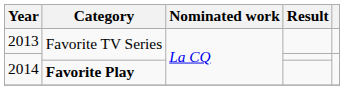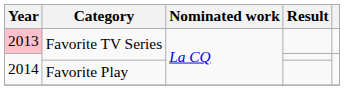 <table class="wikitable plainrowheaders">
 <tr>
 <th scope="col">Year</th>
 <th scope="col">Category</th>
 <th scope="col">Nominated work</th>
 <th scope="col">Result</th>
 <th scope="col" class="unsortable"></th>
 </tr>
 <tr>
-<td>2013</td>
+<td style="background: pink;">2013</td>
 <td rowspan=2>Favorite TV Series</td>
 <td rowspan=3><em><a href='#'>La CQ</a></em></td>
 <td></td>
 <td></td>
 </tr>
 <tr>
 <td rowspan=2>2014</td>
 <td></td>
 <td rowspan=2></td>
 </tr>
 <tr>
-<td><strong>Favorite Play</strong></td>
+<td>Favorite Play</td>
 <td></td>
 </tr>
 <tr>
 </tr>
 </table>
